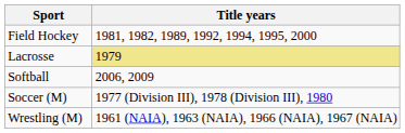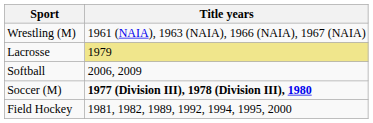 <table class="wikitable">
 <tr>
 <th width=100px>Sport</th>
 <th width=px>Title years</th>
 </tr>
 <tr>
-<td>Field Hockey</td>
-<td>1981, 1982, 1989, 1992, 1994, 1995, 2000</td>
+<td>Wrestling (M)</td>
+<td>1961 (<a href='#'>NAIA</a>), 1963 (NAIA), 1966 (NAIA), 1967 (NAIA)</td>
 </tr>
 <tr>
 <td>Lacrosse</td>
 <td style="background: khaki;">1979</td>
 </tr>
 <tr>
 <td>Softball</td>
 <td>2006, 2009</td>
 </tr>
 <tr>
 <td>Soccer (M)</td>
-<td>1977 (Division III), 1978 (Division III), <a href='#'>1980</a></td>
+<td><strong>1977 (Division III), 1978 (Division III), <a href='#'>1980</a></strong></td>
 </tr>
 <tr>
-<td>Wrestling (M)</td>
-<td>1961 (<a href='#'>NAIA</a>), 1963 (NAIA), 1966 (NAIA), 1967 (NAIA)</td>
+<td>Field Hockey</td>
+<td>1981, 1982, 1989, 1992, 1994, 1995, 2000</td>
 </tr>
 </table>
